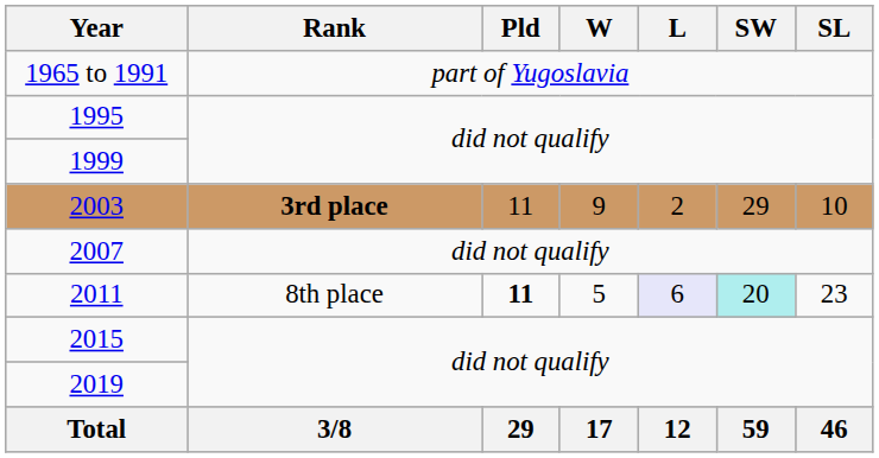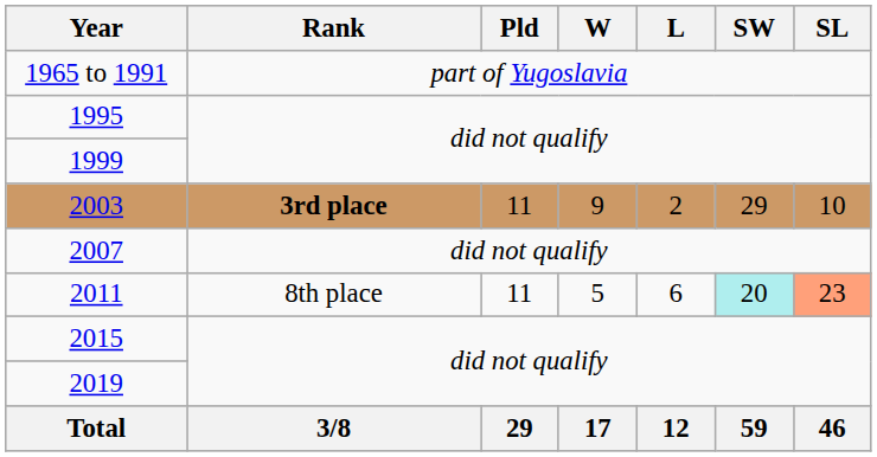 <table class="wikitable" style="text-align: center;font-size:90%;">
 <tr>
 <th width=90>Year</th>
 <th width=150>Rank</th>
 <th width=35>Pld</th>
 <th width=35>W</th>
 <th width=35>L</th>
 <th width=35>SW</th>
 <th width=35>SL</th>
 </tr>
 <tr>
 <td><a href='#'>1965</a> to <a href='#'>1991</a></td>
 <td colspan=9><em>part of <a href='#'>Yugoslavia</a></em></td>
 </tr>
 <tr>
 <td> <a href='#'>1995</a></td>
 <td colspan="7" rowspan=2><em>did not qualify</em></td>
 </tr>
 <tr>
 <td> <a href='#'>1999</a></td>
 </tr>
 <tr bgcolor=#cc9966>
 <td> <a href='#'>2003</a></td>
 <td><strong>3rd place</strong> </td>
 <td>11</td>
 <td>9</td>
 <td>2</td>
 <td>29</td>
 <td>10</td>
 </tr>
 <tr>
 <td> <a href='#'>2007</a></td>
 <td colspan="7"><em>did not qualify</em></td>
 </tr>
 <tr>
 <td> <a href='#'>2011</a></td>
 <td>8th place</td>
-<td><strong>11</strong></td>
+<td>11</td>
 <td>5</td>
-<td style="background: lavender;">6</td>
+<td>6</td>
 <td style="background: paleturquoise;">20</td>
-<td>23</td>
+<td style="background: lightsalmon;">23</td>
 </tr>
 <tr>
 <td> <a href='#'>2015</a></td>
 <td colspan="7" rowspan=2><em>did not qualify</em></td>
 </tr>
 <tr>
 <td> <a href='#'>2019</a></td>
 </tr>
 <tr>
 <th>Total</th>
 <th>3/8</th>
 <th>29</th>
 <th>17</th>
 <th>12</th>
 <th>59</th>
 <th>46</th>
 </tr>
 </table>
